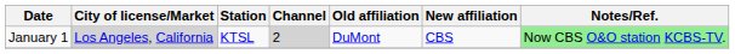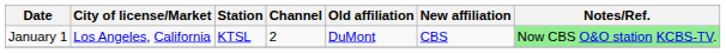 <table class="wikitable sortable">
 <tr>
 <th>Date</th>
 <th>City of license/Market</th>
 <th>Station</th>
 <th>Channel</th>
 <th>Old affiliation</th>
 <th>New affiliation</th>
 <th>Notes/Ref.</th>
 </tr>
 <tr>
 <td>January 1</td>
-<td style="background: lightgrey;"><a href='#'>Los Angeles</a>, <a href='#'>California</a></td>
+<td><a href='#'>Los Angeles</a>, <a href='#'>California</a></td>
 <td><a href='#'>KTSL</a></td>
-<td style="background: lightgrey;">2</td>
+<td>2</td>
 <td><a href='#'>DuMont</a></td>
 <td><a href='#'>CBS</a></td>
 <td style="background: lightgreen;">Now CBS <a href='#'>O&O station</a> <a href='#'>KCBS-TV</a>.</td>
 </tr>
 <tr>
 </tr>
 </table>
